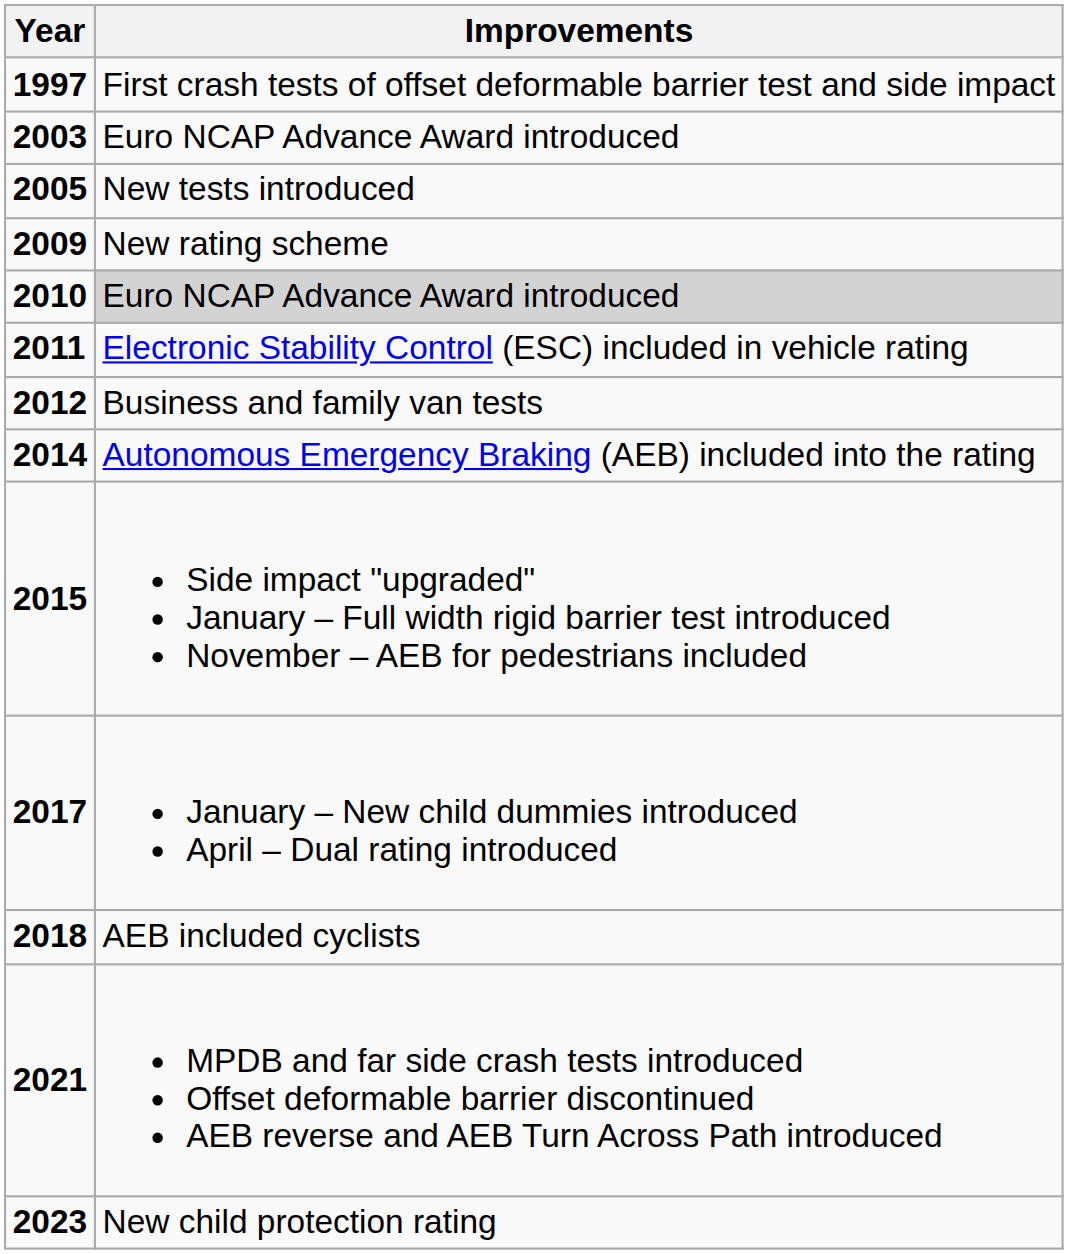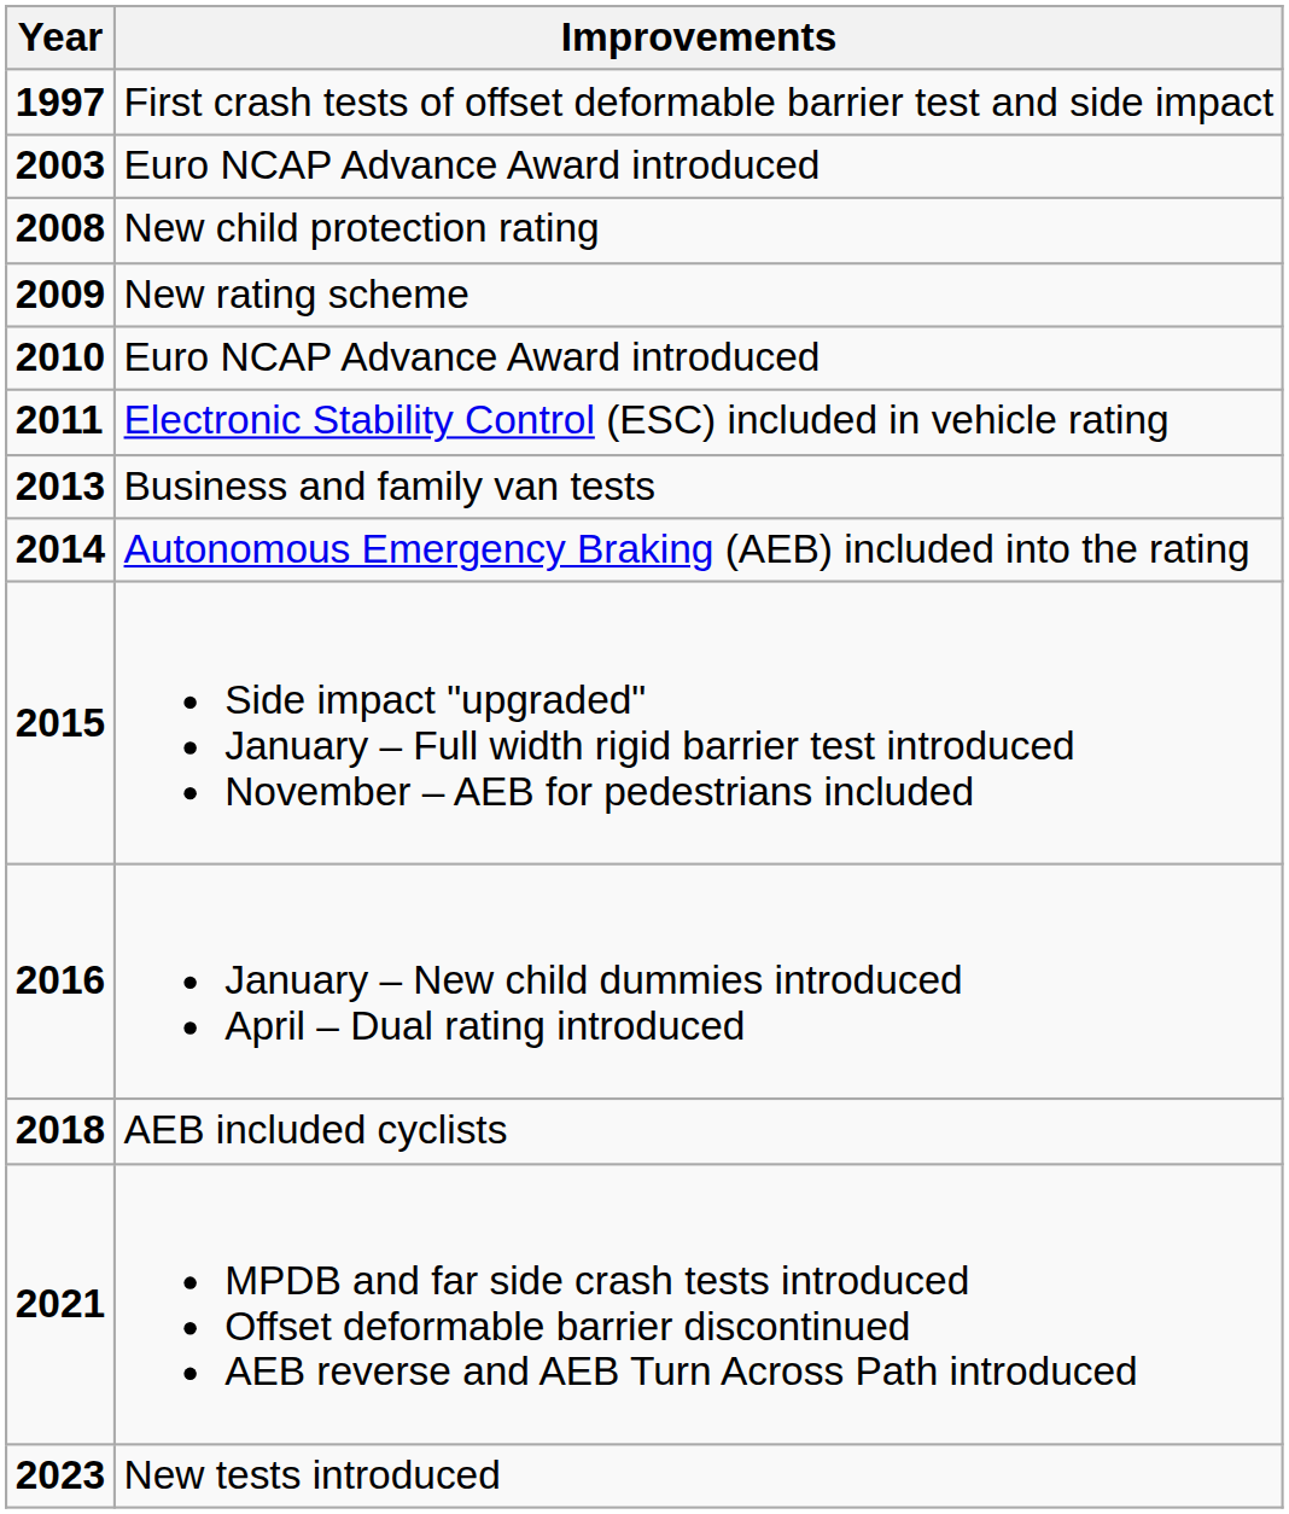 <table class="wikitable">
 <tr>
 <th>Year</th>
 <th>Improvements</th>
 </tr>
 <tr>
 <td><strong>1997</strong></td>
 <td>First crash tests of offset deformable barrier test and side impact</td>
 </tr>
 <tr>
 <td><strong>2003</strong></td>
 <td>Euro NCAP Advance Award introduced</td>
 </tr>
 <tr>
-<td><strong>2005</strong></td>
-<td>New tests introduced</td>
+<td><strong>2008</strong></td>
+<td>New child protection rating</td>
 </tr>
 <tr>
 <td><strong>2009</strong></td>
 <td>New rating scheme</td>
 </tr>
 <tr>
 <td><strong>2010</strong></td>
-<td style="background: lightgrey;">Euro NCAP Advance Award introduced</td>
+<td>Euro NCAP Advance Award introduced</td>
 </tr>
 <tr>
 <td><strong>2011</strong></td>
 <td><a href='#'>Electronic Stability Control</a> (ESC) included in vehicle rating</td>
 </tr>
 <tr>
-<td><strong>2012</strong></td>
+<td><strong>2013</strong></td>
 <td>Business and family van tests</td>
 </tr>
 <tr>
 <td><strong>2014</strong></td>
 <td><a href='#'>Autonomous Emergency Braking</a> (AEB) included into the rating</td>
 </tr>
 <tr>
 <td><strong>2015</strong></td>
 <td><br><ul><li>Side impact "upgraded"</li><li>January – Full width rigid barrier test introduced</li><li>November – AEB for pedestrians included</li></ul></td>
 </tr>
 <tr>
-<td><strong>2017</strong></td>
+<td><strong>2016</strong></td>
 <td><br><ul><li>January – New child dummies introduced</li><li>April – Dual rating introduced</li></ul></td>
 </tr>
 <tr>
 <td><strong>2018</strong></td>
 <td>AEB included cyclists</td>
 </tr>
 <tr>
 <td><strong>2021</strong></td>
 <td><br><ul><li>MPDB and far side crash tests introduced</li><li>Offset deformable barrier discontinued</li><li>AEB reverse and AEB Turn Across Path introduced</li></ul></td>
 </tr>
 <tr>
 <td><strong>2023</strong></td>
-<td>New child protection rating</td>
+<td>New tests introduced</td>
 </tr>
 </table>
